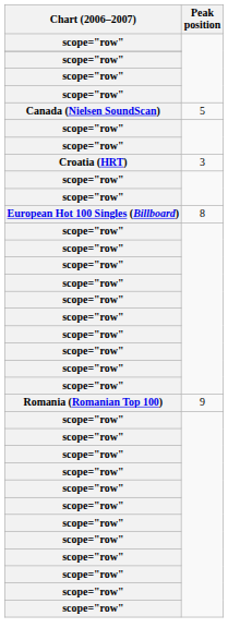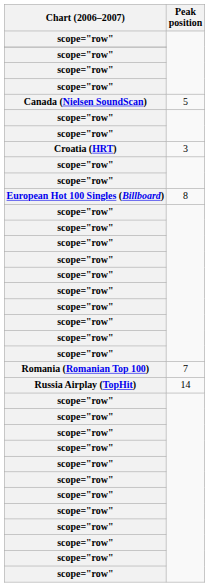 <table class="wikitable sortable plainrowheaders" style="text-align:center">
 <tr>
 <th>Chart (2006–2007)</th>
 <th>Peak<br>position</th>
 </tr>
 <tr>
 <th>scope="row" </th>
 </tr>
 <tr>
 </tr>
 <tr>
 <th>scope="row" </th>
 </tr>
 <tr>
 <th>scope="row" </th>
 </tr>
 <tr>
 <th>scope="row" </th>
 </tr>
 <tr>
 <th scope="row">Canada (<a href='#'>Nielsen SoundScan</a>)</th>
 <td>5</td>
 </tr>
 <tr>
 <th>scope="row" </th>
 </tr>
 <tr>
 <th>scope="row" </th>
 </tr>
 <tr>
 <th scope="row">Croatia (<a href='#'>HRT</a>)</th>
 <td>3</td>
 </tr>
 <tr>
 <th>scope="row" </th>
 </tr>
 <tr>
 <th>scope="row" </th>
 </tr>
 <tr>
 <th scope="row"><a href='#'>European Hot 100 Singles</a> (<em><a href='#'>Billboard</a></em>)</th>
 <td>8</td>
 </tr>
 <tr>
 <th>scope="row" </th>
 </tr>
 <tr>
 <th>scope="row" </th>
 </tr>
 <tr>
 <th>scope="row" </th>
 </tr>
 <tr>
 <th>scope="row" </th>
 </tr>
 <tr>
 <th>scope="row" </th>
 </tr>
 <tr>
 <th>scope="row" </th>
 </tr>
 <tr>
 <th>scope="row" </th>
 </tr>
 <tr>
 <th>scope="row" </th>
 </tr>
 <tr>
 <th>scope="row" </th>
 </tr>
 <tr>
 <th>scope="row" </th>
 </tr>
 <tr>
 <th scope="row">Romania (<a href='#'>Romanian Top 100</a>)</th>
-<td>9</td>
+<td>7</td>
+</tr>
+<tr>
+<th scope="row">Russia Airplay (<a href='#'>TopHit</a>)</th>
+<td>14</td>
 </tr>
 <tr>
 <th>scope="row" </th>
 </tr>
 <tr>
 <th>scope="row" </th>
 </tr>
 <tr>
 <th>scope="row" </th>
 </tr>
 <tr>
 <th>scope="row" </th>
 </tr>
 <tr>
 <th>scope="row" </th>
 </tr>
 <tr>
 <th>scope="row" </th>
 </tr>
 <tr>
 <th>scope="row" </th>
 </tr>
 <tr>
 <th>scope="row" </th>
 </tr>
 <tr>
 <th>scope="row" </th>
 </tr>
 <tr>
 <th>scope="row" </th>
 </tr>
 <tr>
 <th>scope="row" </th>
 </tr>
 <tr>
 <th>scope="row" </th>
 </tr>
 </table>
